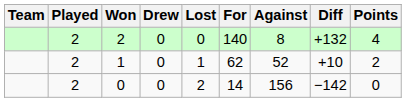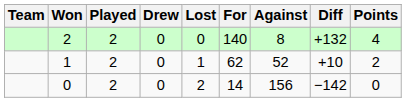 <table class="wikitable" style="text-align:center">
 <tr>
 <th>Team</th>
+<th>Won</th>
 <th>Played</th>
-<th>Won</th>
 <th>Drew</th>
 <th>Lost</th>
 <th>For</th>
 <th>Against</th>
 <th>Diff</th>
 <th>Points</th>
 </tr>
 <tr bgcolor="#ccffcc">
 <td align=left></td>
 <td>2</td>
 <td>2</td>
 <td>0</td>
 <td>0</td>
 <td>140</td>
 <td>8</td>
 <td>+132</td>
 <td>4</td>
 </tr>
 <tr>
 <td align=left></td>
+<td>1</td>
 <td>2</td>
-<td>1</td>
 <td>0</td>
 <td>1</td>
 <td>62</td>
 <td>52</td>
 <td>+10</td>
 <td>2</td>
 </tr>
 <tr>
 <td align=left></td>
+<td>0</td>
 <td>2</td>
-<td>0</td>
 <td>0</td>
 <td>2</td>
 <td>14</td>
 <td>156</td>
 <td>−142</td>
 <td>0</td>
 </tr>
 </table>
